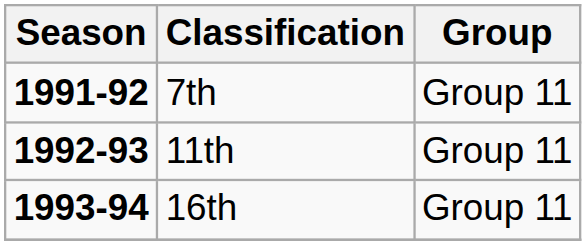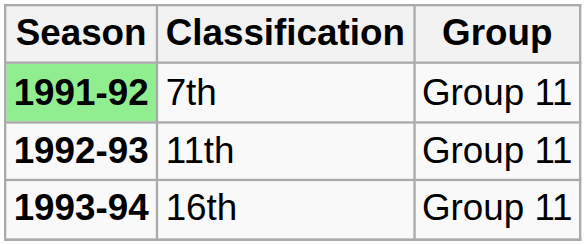 <table class="wikitable">
 <tr>
 <th>Season</th>
 <th>Classification </th>
 <th colspan="2">Group</th>
 </tr>
 <tr>
-<td align="center"><strong>1991-92</strong></td>
+<td align="center" style="background: lightgreen;"><strong>1991-92</strong></td>
 <td>7th</td>
 <td>Group 11</td>
 </tr>
 <tr>
 <td align="center"><strong>1992-93</strong></td>
 <td>11th</td>
 <td>Group 11</td>
 </tr>
 <tr>
 <td align="center"><strong>1993-94</strong></td>
 <td>16th</td>
 <td>Group 11</td>
 </tr>
 <tr>
 </tr>
 </table>
